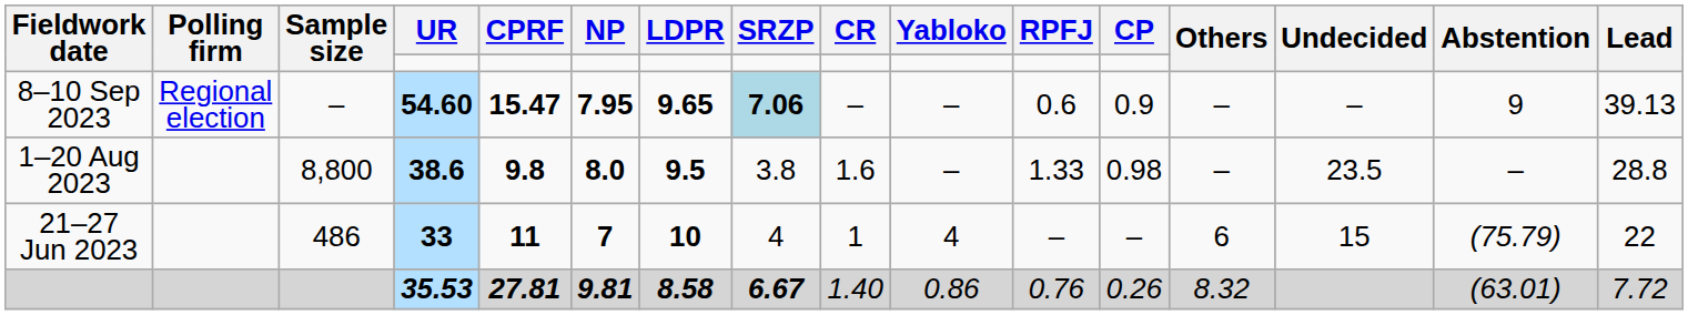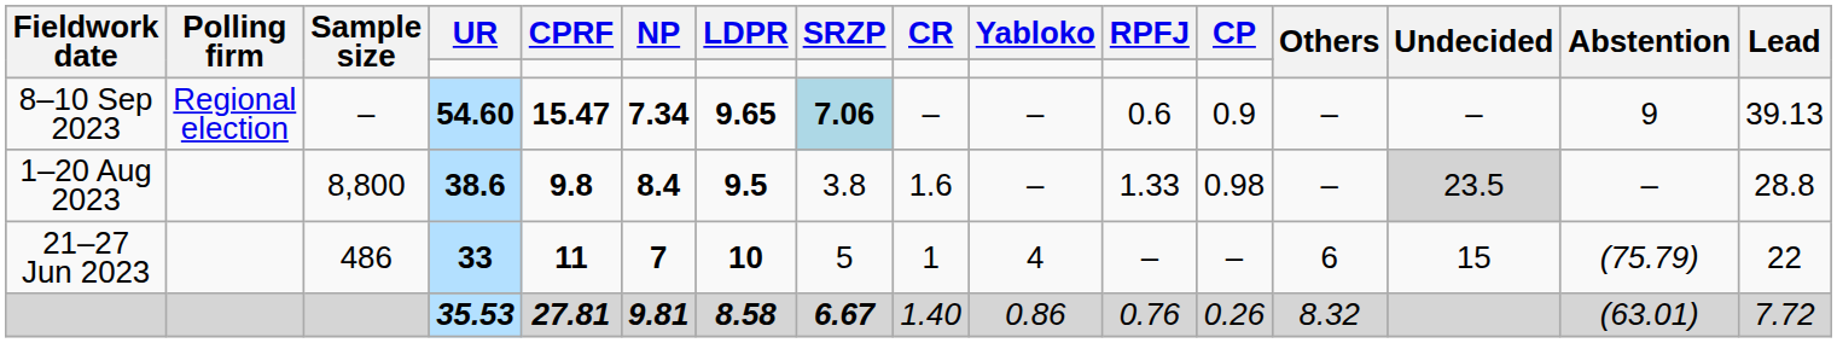 <table class=wikitable style="font-size:95%; line-height:14px; text-align:center">
 <tr>
 <th style=width:120px; rowspan=2>Fieldwork date</th>
 <th style=width:120px; rowspan=2>Polling firm</th>
 <th style=width:50px; rowspan=2>Sample<br>size</th>
 <th style="width:50px;"><a href='#'>UR</a></th>
 <th style="width:50px;"><a href='#'>CPRF</a></th>
 <th style="width:50px;"><a href='#'>NP</a></th>
 <th style="width:50px;"><a href='#'>LDPR</a></th>
 <th style="width:50px;"><a href='#'>SRZP</a></th>
 <th style="width:50px;"><a href='#'>CR</a></th>
 <th style="width:50px;"><a href='#'>Yabloko</a></th>
 <th style="width:50px;"><a href='#'>RPFJ</a></th>
 <th style="width:50px;"><a href='#'>CP</a></th>
 <th style="width:50px;" rowspan=2>Others</th>
 <th style="width:50px;" rowspan=2>Undecided</th>
 <th style="width:50px;" rowspan=2>Abstention</th>
 <th style="width:50px;" rowspan="2">Lead</th>
 </tr>
 <tr>
 <td bgcolor=></td>
 <td bgcolor=></td>
 <td bgcolor=></td>
 <td bgcolor=></td>
 <td bgcolor=></td>
 <td bgcolor=></td>
 <td bgcolor=></td>
 <td bgcolor=></td>
 <td bgcolor=></td>
 </tr>
 <tr>
 <td>8–10 Sep 2023</td>
 <td><a href='#'>Regional election</a></td>
 <td>–</td>
 <td style="background:#B3E0FF"><strong>54.60</strong></td>
 <td><strong>15.47</strong></td>
-<td><strong>7.95</strong></td>
+<td><strong>7.34</strong></td>
 <td><strong>9.65</strong></td>
 <td style="background: lightblue;"><strong>7.06</strong></td>
 <td>–</td>
 <td>–</td>
 <td>0.6</td>
 <td>0.9</td>
 <td>–</td>
 <td>–</td>
 <td>9</td>
 <td style="background:">39.13</td>
 </tr>
 <tr>
 <td>1–20 Aug 2023</td>
 <td></td>
 <td>8,800</td>
 <td style="background:#B3E0FF"><strong>38.6</strong></td>
 <td><strong>9.8</strong></td>
-<td><strong>8.0</strong></td>
+<td><strong>8.4</strong></td>
 <td><strong>9.5</strong></td>
 <td>3.8</td>
 <td>1.6</td>
 <td>–</td>
 <td>1.33</td>
 <td>0.98</td>
 <td>–</td>
-<td>23.5</td>
+<td style="background: lightgrey;">23.5</td>
 <td>–</td>
 <td style="background:">28.8</td>
 </tr>
 <tr>
 <td>21–27 Jun 2023</td>
 <td></td>
 <td>486</td>
 <td style="background:#B3E0FF"><strong>33</strong></td>
 <td><strong>11</strong></td>
 <td><strong>7</strong></td>
 <td><strong>10</strong></td>
-<td>4</td>
+<td>5</td>
 <td>1</td>
 <td>4</td>
 <td>–</td>
 <td>–</td>
 <td>6</td>
 <td>15</td>
 <td><em>(75.79)</em></td>
 <td style="background:">22</td>
 </tr>
 <tr style="background:#D5D5D5">
 <td></td>
 <td></td>
 <td></td>
 <td style="background:#B3E0FF"><strong><em>35.53</em></strong></td>
 <td><strong><em>27.81</em></strong></td>
 <td><strong><em>9.81</em></strong></td>
 <td><strong><em>8.58</em></strong></td>
 <td><strong><em>6.67</em></strong></td>
 <td><em>1.40</em></td>
 <td><em>0.86</em></td>
 <td><em>0.76</em></td>
 <td><em>0.26</em></td>
 <td><em>8.32</em></td>
 <td></td>
 <td><em>(63.01)</em></td>
 <td style="background:"><em>7.72</em></td>
 </tr>
 </table>
